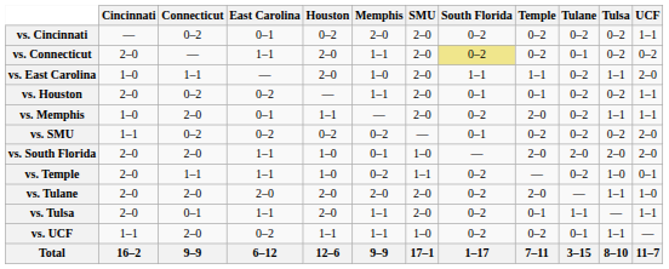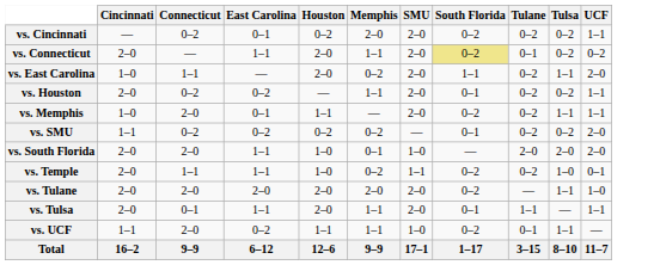 <table class="wikitable" style="white-space:nowrap;font-size:90%;">
 <tr>
 <th colspan="1" style="background:white; border-top-style:hidden; border-left-style:hidden;" width="75"> </th>
 <th style=>Cincinnati</th>
 <th>Connecticut</th>
 <th style=>East Carolina</th>
 <th>Houston</th>
 <th>Memphis</th>
 <th>SMU</th>
 <th>South Florida</th>
-<th>Temple</th>
 <th>Tulane</th>
 <th>Tulsa</th>
 <th style=>UCF</th>
 </tr>
 <tr style="text-align:center;">
 <th>vs. Cincinnati</th>
 <td>—</td>
 <td>0–2</td>
 <td>0–1</td>
 <td>0–2</td>
 <td>2–0</td>
 <td>2–0</td>
 <td>0–2</td>
 <td>0–2</td>
 <td>0–2</td>
-<td>0–2</td>
 <td>1–1</td>
 </tr>
 <tr style="text-align:center;">
 <th>vs. Connecticut</th>
 <td>2–0</td>
 <td>—</td>
 <td>1–1</td>
 <td>2–0</td>
 <td>1–1</td>
 <td>2–0</td>
 <td style="background: khaki;">0–2</td>
-<td>0–2</td>
 <td>0–1</td>
 <td>0–2</td>
 <td>0–2</td>
 </tr>
 <tr style="text-align:center;">
 <th>vs. East Carolina</th>
 <td>1–0</td>
 <td>1–1</td>
 <td>—</td>
 <td>2–0</td>
-<td>1–0</td>
+<td>0–2</td>
 <td>2–0</td>
-<td>1–1</td>
 <td>1–1</td>
 <td>0–2</td>
 <td>1–1</td>
 <td>2–0</td>
 </tr>
 <tr style="text-align:center;">
 <th>vs. Houston</th>
 <td>2–0</td>
 <td>0–2</td>
 <td>0–2</td>
 <td>—</td>
 <td>1–1</td>
 <td>2–0</td>
 <td>0–1</td>
-<td>0–1</td>
 <td>0–2</td>
 <td>0–2</td>
 <td>1–1</td>
 </tr>
 <tr style="text-align:center;">
 <th>vs. Memphis</th>
 <td>1–0</td>
 <td>2–0</td>
 <td>0–1</td>
 <td>1–1</td>
 <td>—</td>
 <td>2–0</td>
 <td>0–2</td>
-<td>2–0</td>
 <td>0–2</td>
 <td>1–1</td>
 <td>1–1</td>
 </tr>
 <tr style="text-align:center;">
 <th>vs. SMU</th>
 <td>1–1</td>
 <td>0–2</td>
 <td>0–2</td>
 <td>0–2</td>
 <td>0–2</td>
 <td>—</td>
 <td>0–1</td>
-<td>0–2</td>
 <td>0–2</td>
 <td>0–2</td>
 <td>2–0</td>
 </tr>
 <tr style="text-align:center;">
 <th>vs. South Florida</th>
 <td>2–0</td>
 <td>2–0</td>
 <td>1–1</td>
 <td>1–0</td>
 <td>0–1</td>
 <td>1–0</td>
 <td>—</td>
 <td>2–0</td>
 <td>2–0</td>
 <td>2–0</td>
-<td>2–0</td>
 </tr>
 <tr style="text-align:center;">
 <th>vs. Temple</th>
 <td>2–0</td>
 <td>1–1</td>
 <td>1–1</td>
 <td>1–0</td>
 <td>0–2</td>
 <td>1–1</td>
 <td>0–2</td>
-<td>—</td>
 <td>0–2</td>
 <td>1–0</td>
 <td>0–1</td>
 </tr>
 <tr style="text-align:center;">
 <th>vs. Tulane</th>
 <td>2–0</td>
 <td>2–0</td>
 <td>2–0</td>
 <td>2–0</td>
 <td>2–0</td>
 <td>2–0</td>
 <td>0–2</td>
-<td>2–0</td>
 <td>—</td>
 <td>1–1</td>
 <td>1–0</td>
 </tr>
 <tr style="text-align:center;">
 <th>vs. Tulsa</th>
 <td>2–0</td>
 <td>0–1</td>
 <td>1–1</td>
 <td>2–0</td>
 <td>1–1</td>
 <td>2–0</td>
-<td>0–2</td>
 <td>0–1</td>
 <td>1–1</td>
 <td>—</td>
 <td>1–1</td>
 </tr>
 <tr style="text-align:center;">
 <th>vs. UCF</th>
 <td>1–1</td>
 <td>2–0</td>
 <td>0–2</td>
 <td>1–1</td>
 <td>1–1</td>
 <td>1–0</td>
 <td>0–2</td>
-<td>0–2</td>
 <td>0–1</td>
 <td>1–1</td>
 <td>—<br></td>
 </tr>
 <tr style="text-align:center;">
 <th>Total</th>
 <th>16–2</th>
 <th>9–9</th>
 <th>6–12</th>
 <th>12–6</th>
 <th>9–9</th>
 <th>17–1</th>
 <th>1–17</th>
-<th>7–11</th>
 <th>3–15</th>
 <th>8–10</th>
 <th>11–7</th>
 </tr>
 </table>
